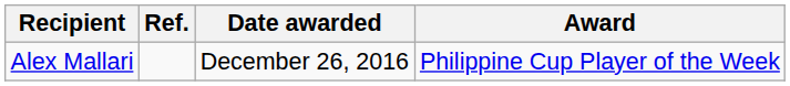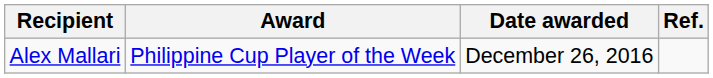 <table class="wikitable sortable sortable" style="text-align: center">
 <tr>
 <th>Recipient</th>
+<th>Award</th>
+<th>Date awarded</th>
 <th>Ref.</th>
-<th>Date awarded</th>
-<th>Award</th>
 </tr>
 <tr>
 <td><a href='#'>Alex Mallari</a></td>
+<td><a href='#'>Philippine Cup Player of the Week</a></td>
+<td>December 26, 2016</td>
 <td align=center></td>
-<td>December 26, 2016</td>
-<td><a href='#'>Philippine Cup Player of the Week</a></td>
 </tr>
 </table>
